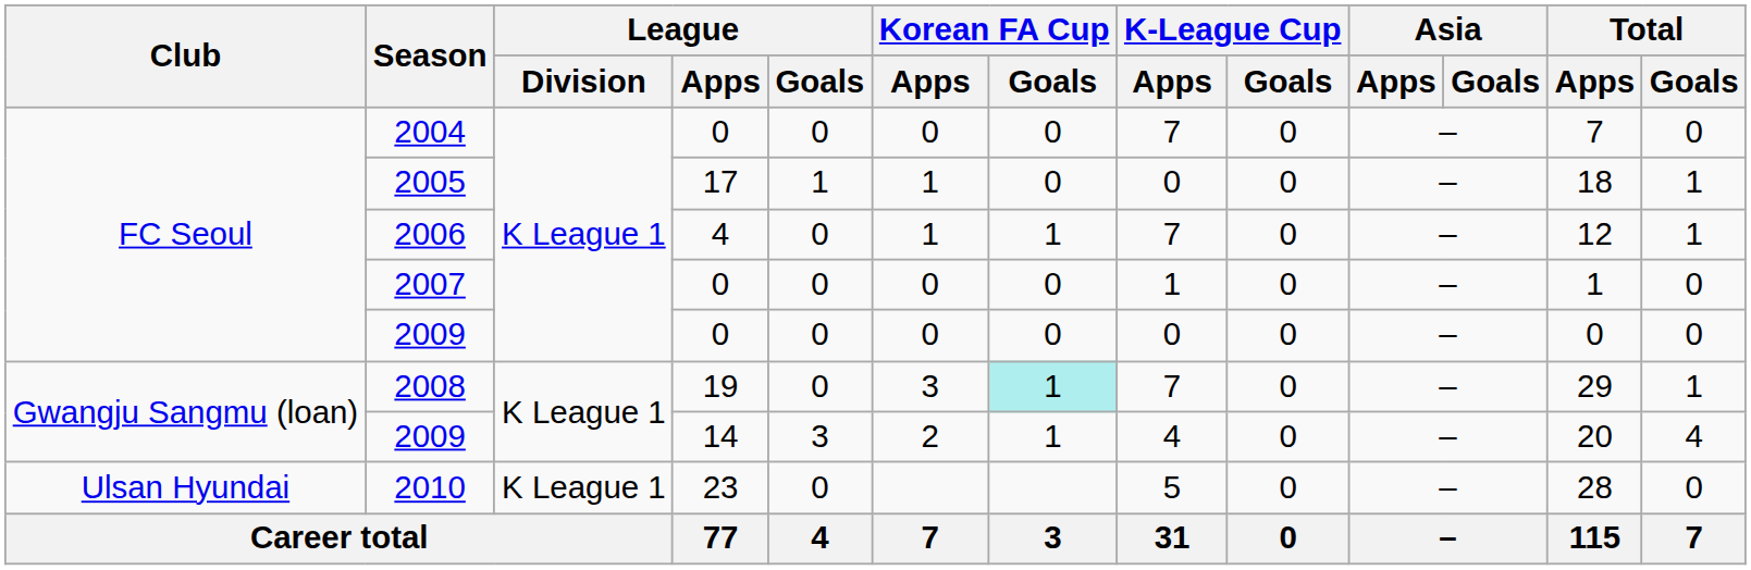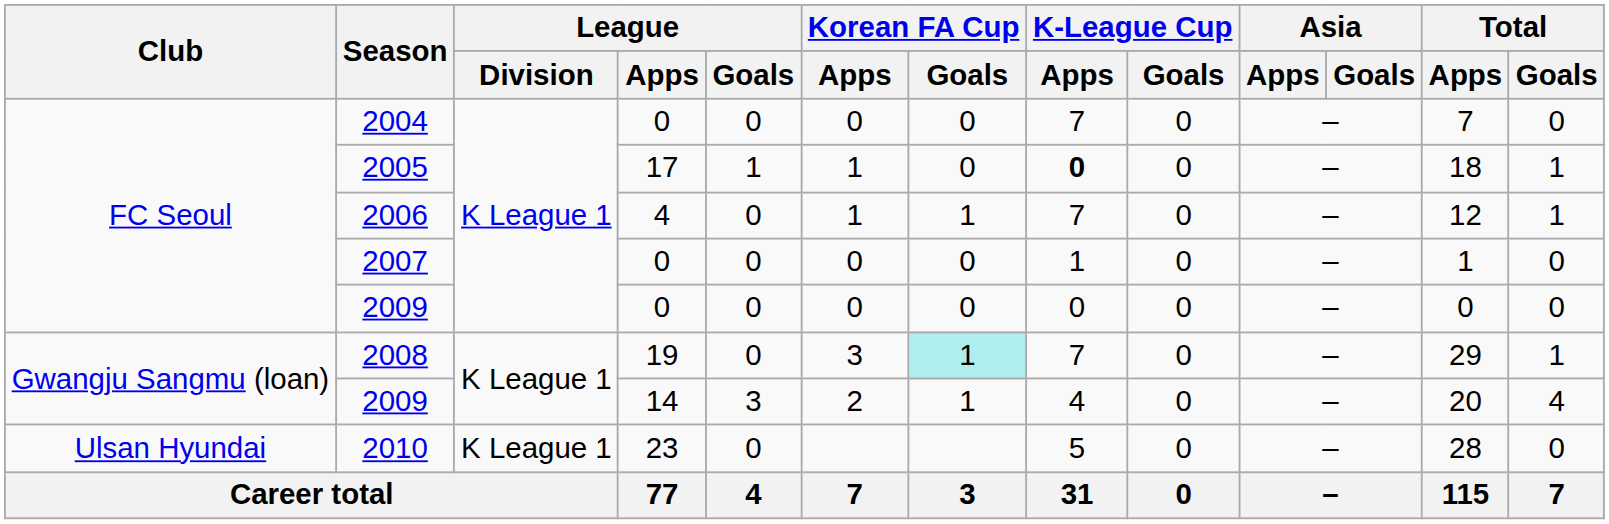 <table class="wikitable" style="text-align:center">
 <tr>
 <th rowspan="2">Club</th>
 <th rowspan="2">Season</th>
 <th colspan="3">League</th>
 <th colspan="2"><a href='#'>Korean FA Cup</a></th>
 <th colspan="2"><a href='#'>K-League Cup</a></th>
 <th colspan="2">Asia</th>
 <th colspan="2">Total</th>
 </tr>
 <tr>
 <th>Division</th>
 <th>Apps</th>
 <th>Goals</th>
 <th>Apps</th>
 <th>Goals</th>
 <th>Apps</th>
 <th>Goals</th>
 <th>Apps</th>
 <th>Goals</th>
 <th>Apps</th>
 <th>Goals</th>
 </tr>
 <tr>
 <td rowspan="5"><a href='#'>FC Seoul</a></td>
 <td><a href='#'>2004</a></td>
 <td rowspan="5"><a href='#'>K League 1</a></td>
 <td>0</td>
 <td>0</td>
 <td>0</td>
 <td>0</td>
 <td>7</td>
 <td>0</td>
 <td colspan="2">–</td>
 <td>7</td>
 <td>0</td>
 </tr>
 <tr>
 <td><a href='#'>2005</a></td>
 <td>17</td>
 <td>1</td>
 <td>1</td>
 <td>0</td>
-<td>0</td>
+<td><strong>0</strong></td>
 <td>0</td>
 <td colspan="2">–</td>
 <td>18</td>
 <td>1</td>
 </tr>
 <tr>
 <td><a href='#'>2006</a></td>
 <td>4</td>
 <td>0</td>
 <td>1</td>
 <td>1</td>
 <td>7</td>
 <td>0</td>
 <td colspan="2">–</td>
 <td>12</td>
 <td>1</td>
 </tr>
 <tr>
 <td><a href='#'>2007</a></td>
 <td>0</td>
 <td>0</td>
 <td>0</td>
 <td>0</td>
 <td>1</td>
 <td>0</td>
 <td colspan="2">–</td>
 <td>1</td>
 <td>0</td>
 </tr>
 <tr>
 <td><a href='#'>2009</a></td>
 <td>0</td>
 <td>0</td>
 <td>0</td>
 <td>0</td>
 <td>0</td>
 <td>0</td>
 <td colspan="2">–</td>
 <td>0</td>
 <td>0</td>
 </tr>
 <tr>
 <td rowspan="2"><a href='#'>Gwangju Sangmu</a> (loan)</td>
 <td><a href='#'>2008</a></td>
 <td rowspan="2">K League 1</td>
 <td>19</td>
 <td>0</td>
 <td>3</td>
 <td style="background: paleturquoise;">1</td>
 <td>7</td>
 <td>0</td>
 <td colspan="2">–</td>
 <td>29</td>
 <td>1</td>
 </tr>
 <tr>
 <td><a href='#'>2009</a></td>
 <td>14</td>
 <td>3</td>
 <td>2</td>
 <td>1</td>
 <td>4</td>
 <td>0</td>
 <td colspan="2">–</td>
 <td>20</td>
 <td>4</td>
 </tr>
 <tr>
 <td><a href='#'>Ulsan Hyundai</a></td>
 <td><a href='#'>2010</a></td>
 <td>K League 1</td>
 <td>23</td>
 <td>0</td>
 <td></td>
 <td></td>
 <td>5</td>
 <td>0</td>
 <td colspan="2">–</td>
 <td>28</td>
 <td>0</td>
 </tr>
 <tr>
 <th colspan="3">Career total</th>
 <th>77</th>
 <th>4</th>
 <th>7</th>
 <th>3</th>
 <th>31</th>
 <th>0</th>
 <th colspan="2">–</th>
 <th>115</th>
 <th>7</th>
 </tr>
 </table>
